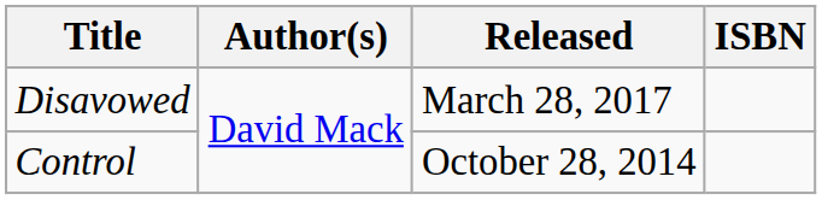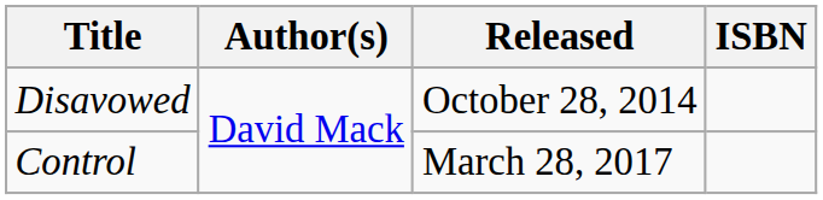 <table class="wikitable">
 <tr>
 <th>Title</th>
 <th>Author(s)</th>
 <th>Released</th>
 <th>ISBN</th>
 </tr>
 <tr>
 <td><em>Disavowed</em></td>
 <td rowspan="2"><a href='#'>David Mack</a></td>
-<td>March 28, 2017</td>
+<td>October 28, 2014</td>
 <td></td>
 </tr>
 <tr>
 <td><em>Control</em></td>
-<td>October 28, 2014</td>
+<td>March 28, 2017</td>
 <td></td>
 </tr>
 </table>
